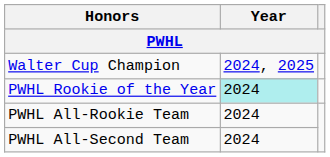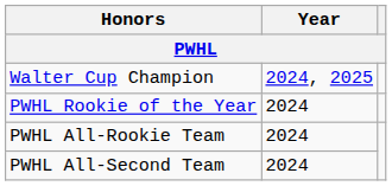 <table class="wikitable">
 <tr>
 <th>Honors</th>
 <th>Year</th>
 <th></th>
 </tr>
 <tr>
 <th colspan="3"><a href='#'>PWHL</a></th>
 </tr>
 <tr>
 <td><a href='#'>Walter Cup</a> Champion</td>
 <td><a href='#'>2024</a>, <a href='#'>2025</a></td>
 <td></td>
 </tr>
 <tr>
 <td><a href='#'>PWHL Rookie of the Year</a></td>
-<td style="background: paleturquoise;">2024</td>
+<td>2024</td>
 <td></td>
 </tr>
 <tr>
 <td>PWHL All-Rookie Team</td>
 <td>2024</td>
 <td rowspan="2"></td>
 </tr>
 <tr>
 <td>PWHL All-Second Team</td>
 <td>2024</td>
 </tr>
 </table>
